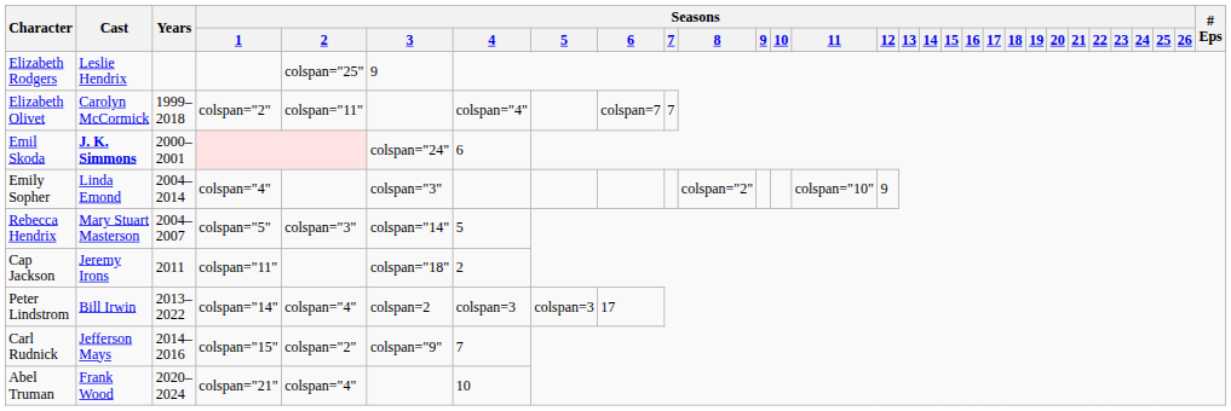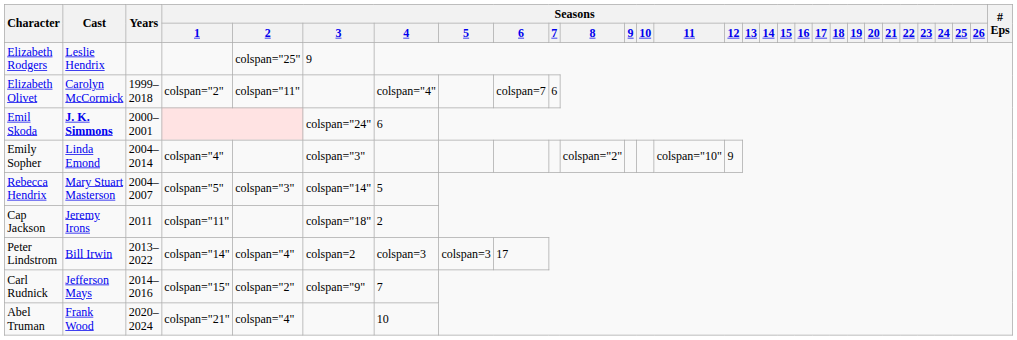 <table class="wikitable">
 <tr>
 <th rowspan="2">Character</th>
 <th rowspan="2">Cast</th>
 <th rowspan="2">Years</th>
 <th colspan="26">Seasons</th>
 <th rowspan="2"># Eps</th>
 </tr>
 <tr>
 <th><a href='#'>1</a></th>
 <th><a href='#'>2</a></th>
 <th><a href='#'>3</a></th>
 <th><a href='#'>4</a></th>
 <th><a href='#'>5</a></th>
 <th><a href='#'>6</a></th>
 <th><a href='#'>7</a></th>
 <th><a href='#'>8</a></th>
 <th><a href='#'>9</a></th>
 <th><a href='#'>10</a></th>
 <th><a href='#'>11</a></th>
 <th><a href='#'>12</a></th>
 <th><a href='#'>13</a></th>
 <th><a href='#'>14</a></th>
 <th><a href='#'>15</a></th>
 <th><a href='#'>16</a></th>
 <th><a href='#'>17</a></th>
 <th><a href='#'>18</a></th>
 <th><a href='#'>19</a></th>
 <th><a href='#'>20</a></th>
 <th><a href='#'>21</a></th>
 <th><a href='#'>22</a></th>
 <th><a href='#'>23</a></th>
 <th><a href='#'>24</a></th>
 <th><a href='#'>25</a></th>
 <th><a href='#'>26</a></th>
 </tr>
 <tr>
 <td><a href='#'>Elizabeth Rodgers</a></td>
 <td><a href='#'>Leslie Hendrix</a></td>
 <td></td>
 <td></td>
 <td>colspan="25" </td>
 <td>9</td>
 </tr>
 <tr>
 <td><a href='#'>Elizabeth Olivet</a></td>
 <td><a href='#'>Carolyn McCormick</a></td>
 <td>1999–2018</td>
 <td>colspan="2" </td>
 <td>colspan="11" </td>
 <td></td>
 <td>colspan="4" </td>
 <td></td>
 <td>colspan=7 </td>
-<td>7</td>
+<td>6</td>
 </tr>
 <tr>
 <td><a href='#'>Emil Skoda</a></td>
 <td><strong><a href='#'>J. K. Simmons</a></strong></td>
 <td>2000–2001</td>
 <td colspan="2" style="background:#ffe3e3;"></td>
 <td>colspan="24" </td>
 <td>6</td>
 </tr>
 <tr>
 <td>Emily Sopher</td>
 <td><a href='#'>Linda Emond</a></td>
 <td>2004–2014</td>
 <td>colspan="4" </td>
 <td></td>
 <td>colspan="3" </td>
 <td></td>
 <td></td>
 <td></td>
 <td></td>
 <td>colspan="2" </td>
 <td></td>
 <td></td>
 <td>colspan="10" </td>
 <td>9</td>
 </tr>
 <tr>
 <td><a href='#'>Rebecca Hendrix</a></td>
 <td><a href='#'>Mary Stuart Masterson</a></td>
 <td>2004–2007</td>
 <td>colspan="5" </td>
 <td>colspan="3" </td>
 <td>colspan="14" </td>
 <td>5</td>
 </tr>
 <tr>
 <td>Cap Jackson</td>
 <td><a href='#'>Jeremy Irons</a></td>
 <td>2011</td>
 <td>colspan="11" </td>
 <td></td>
 <td>colspan="18" </td>
 <td>2</td>
 </tr>
 <tr>
 <td>Peter Lindstrom</td>
 <td><a href='#'>Bill Irwin</a></td>
 <td>2013–2022</td>
 <td>colspan="14" </td>
 <td>colspan="4" </td>
 <td>colspan=2 </td>
 <td>colspan=3 </td>
 <td>colspan=3 </td>
 <td>17</td>
 </tr>
 <tr>
 <td>Carl Rudnick</td>
 <td><a href='#'>Jefferson Mays</a></td>
 <td>2014–2016</td>
 <td>colspan="15" </td>
 <td>colspan="2" </td>
 <td>colspan="9" </td>
 <td>7</td>
 </tr>
 <tr>
 <td>Abel Truman</td>
 <td><a href='#'>Frank Wood</a></td>
 <td>2020–2024</td>
 <td>colspan="21" </td>
 <td>colspan="4" </td>
 <td></td>
 <td>10</td>
 </tr>
 </table>
